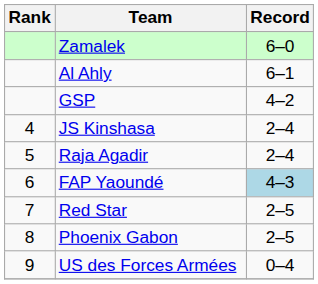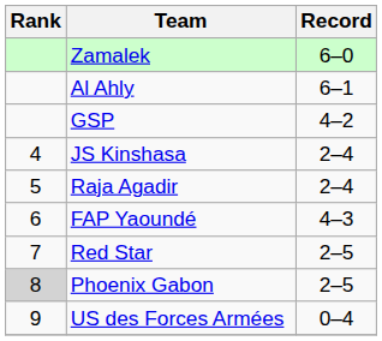 <table class=wikitable style="text-align:center;">
 <tr>
 <th>Rank</th>
 <th width=170>Team</th>
 <th>Record</th>
 </tr>
 <tr bgcolor=#ccffcc>
 <td></td>
 <td align=left> <a href='#'>Zamalek</a></td>
 <td>6–0</td>
 </tr>
 <tr>
 <td></td>
 <td align=left> <a href='#'>Al Ahly</a></td>
 <td>6–1</td>
 </tr>
 <tr>
 <td></td>
 <td align=left> <a href='#'>GSP</a></td>
 <td>4–2</td>
 </tr>
 <tr>
 <td>4</td>
 <td align=left> <a href='#'>JS Kinshasa</a></td>
 <td>2–4</td>
 </tr>
 <tr>
 <td>5</td>
 <td align=left> <a href='#'>Raja Agadir</a></td>
 <td>2–4</td>
 </tr>
 <tr>
 <td>6</td>
 <td align=left> <a href='#'>FAP Yaoundé</a></td>
-<td style="background: lightblue;">4–3</td>
+<td>4–3</td>
 </tr>
 <tr>
 <td>7</td>
 <td align=left> <a href='#'>Red Star</a></td>
 <td>2–5</td>
 </tr>
 <tr>
-<td>8</td>
+<td style="background: lightgrey;">8</td>
 <td align=left> <a href='#'>Phoenix Gabon</a></td>
 <td>2–5</td>
 </tr>
 <tr>
 <td>9</td>
 <td align=left> <a href='#'>US des Forces Armées</a></td>
 <td>0–4</td>
 </tr>
 <tr>
 </tr>
 </table>
